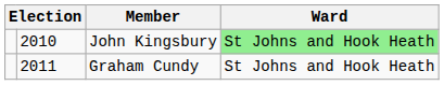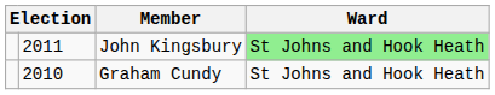 <table class="wikitable">
 <tr>
 <th colspan="2">Election</th>
 <th>Member</th>
 <th>Ward</th>
 </tr>
 <tr>
 <td style="background-color: "></td>
-<td>2010</td>
+<td>2011</td>
 <td>John Kingsbury</td>
 <td style="background: lightgreen;">St Johns and Hook Heath</td>
 </tr>
 <tr>
 <td style="background-color: "></td>
-<td>2011</td>
+<td>2010</td>
 <td>Graham Cundy</td>
 <td>St Johns and Hook Heath</td>
 </tr>
 </table>
